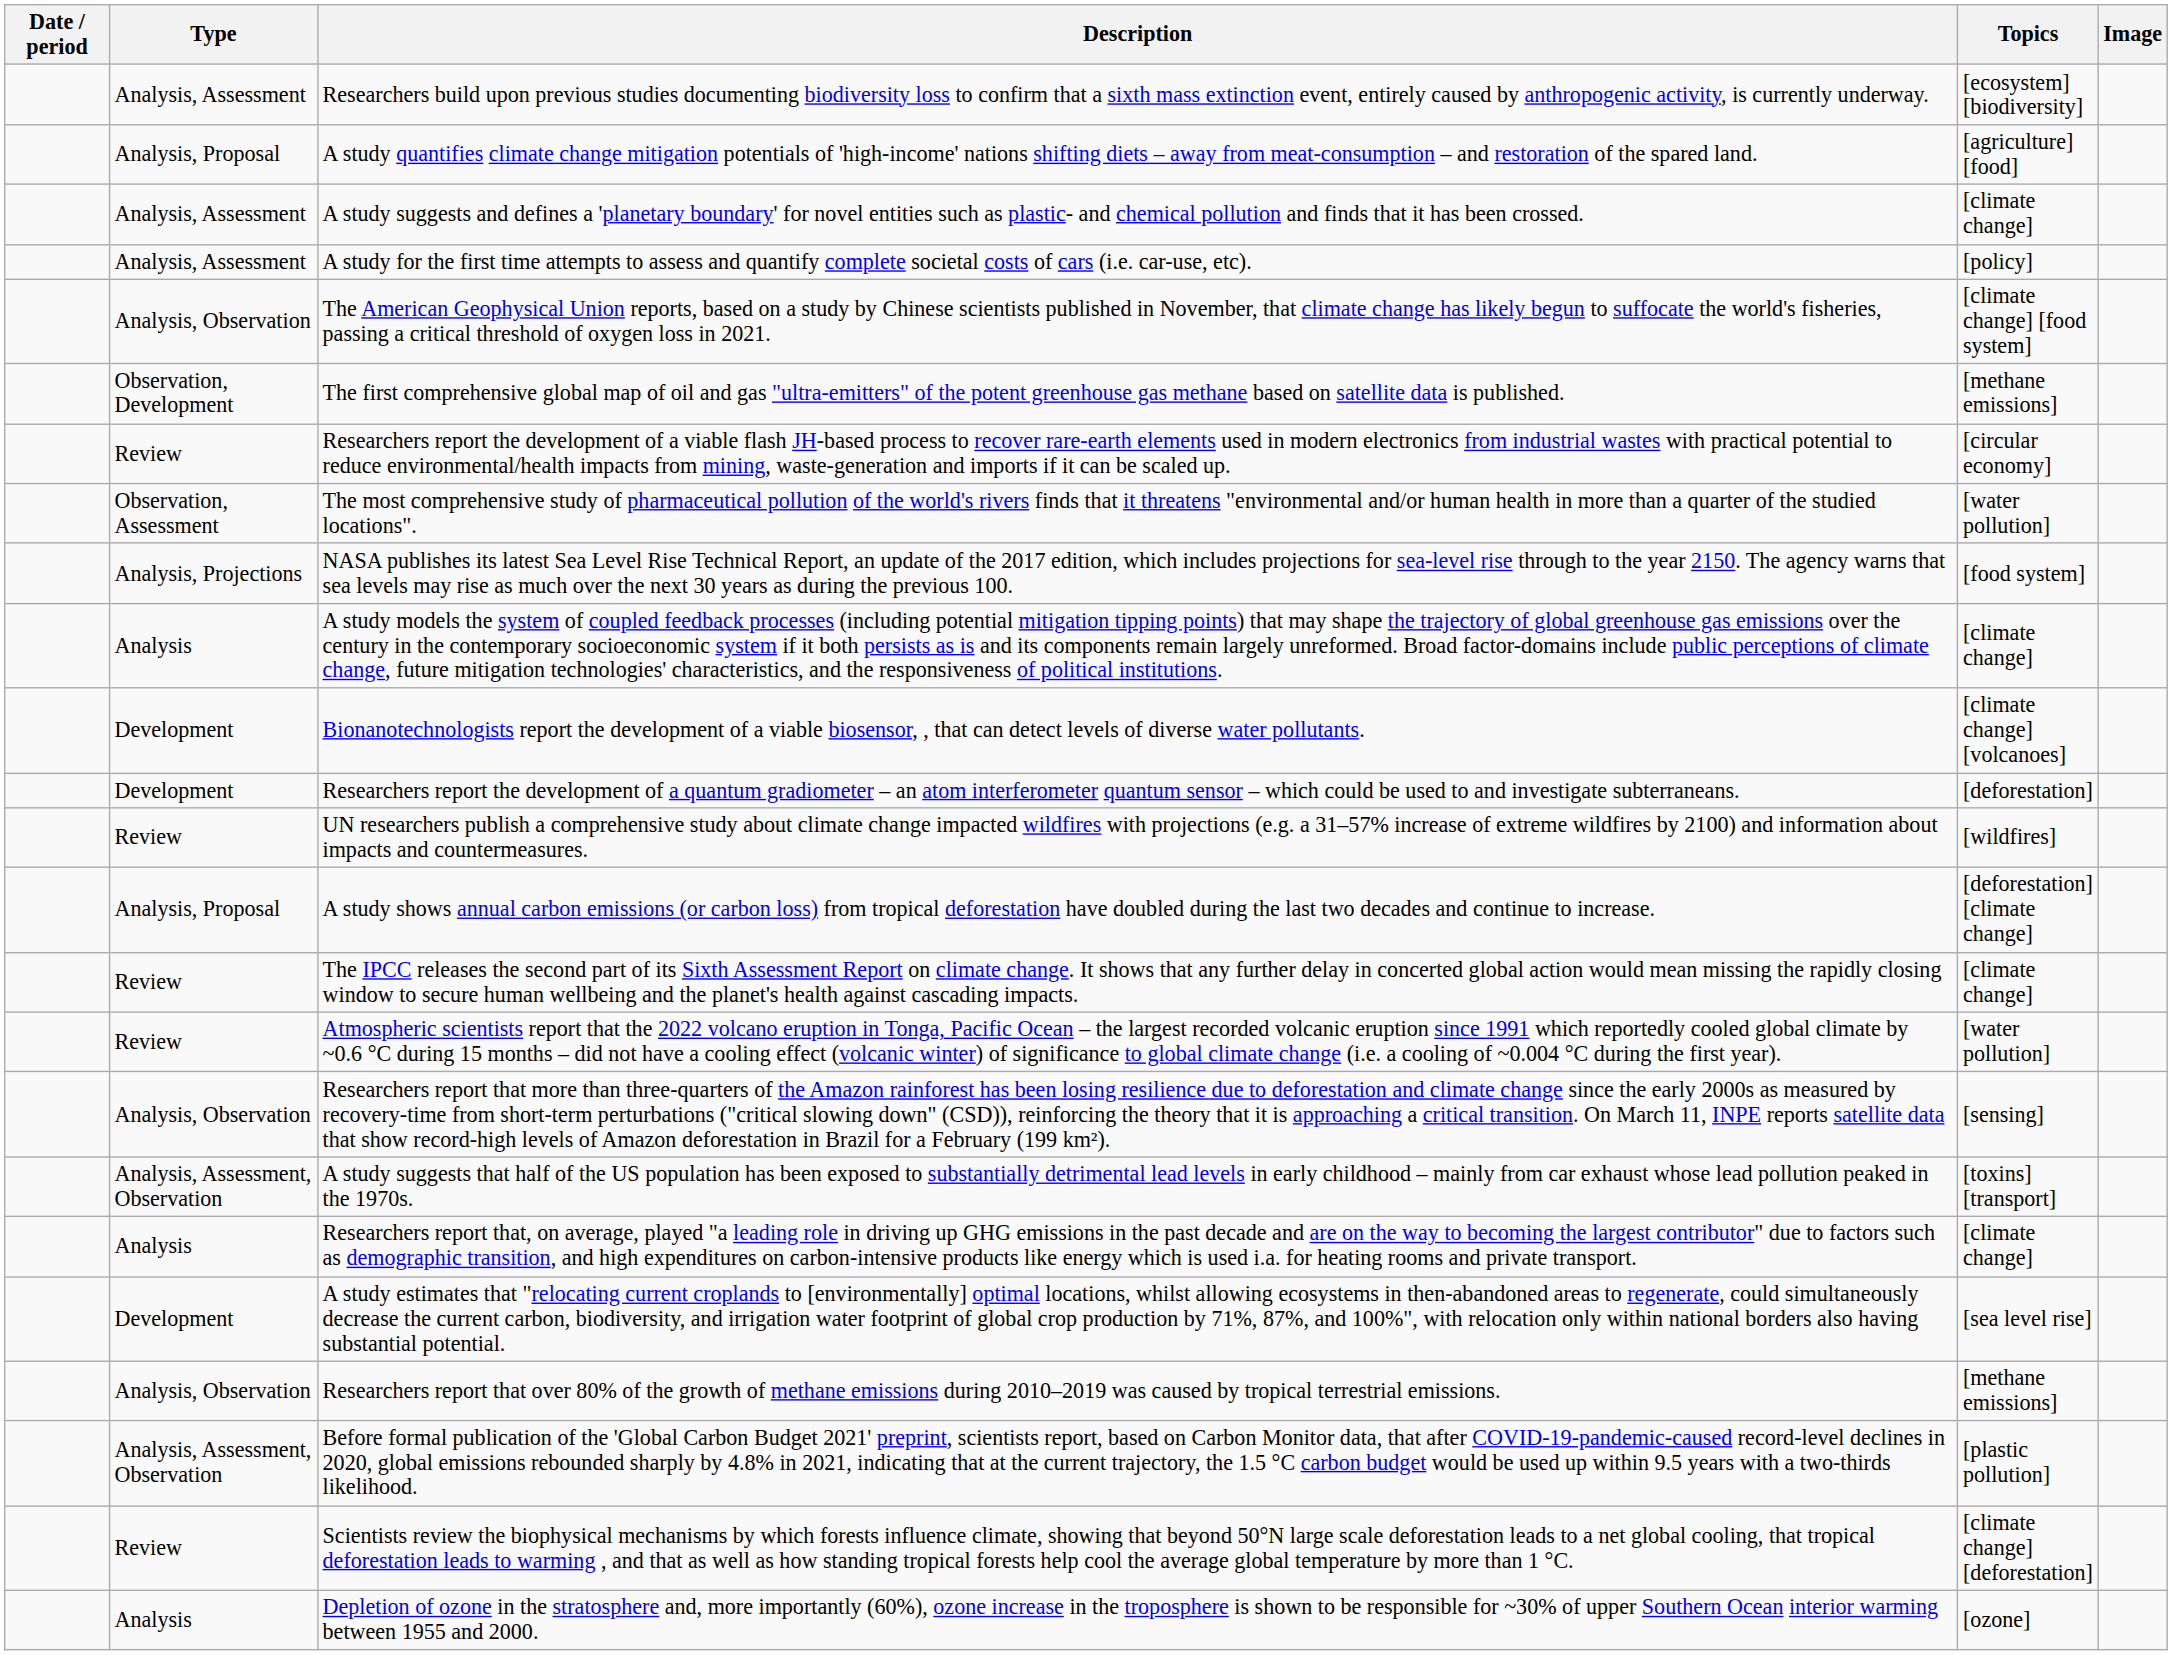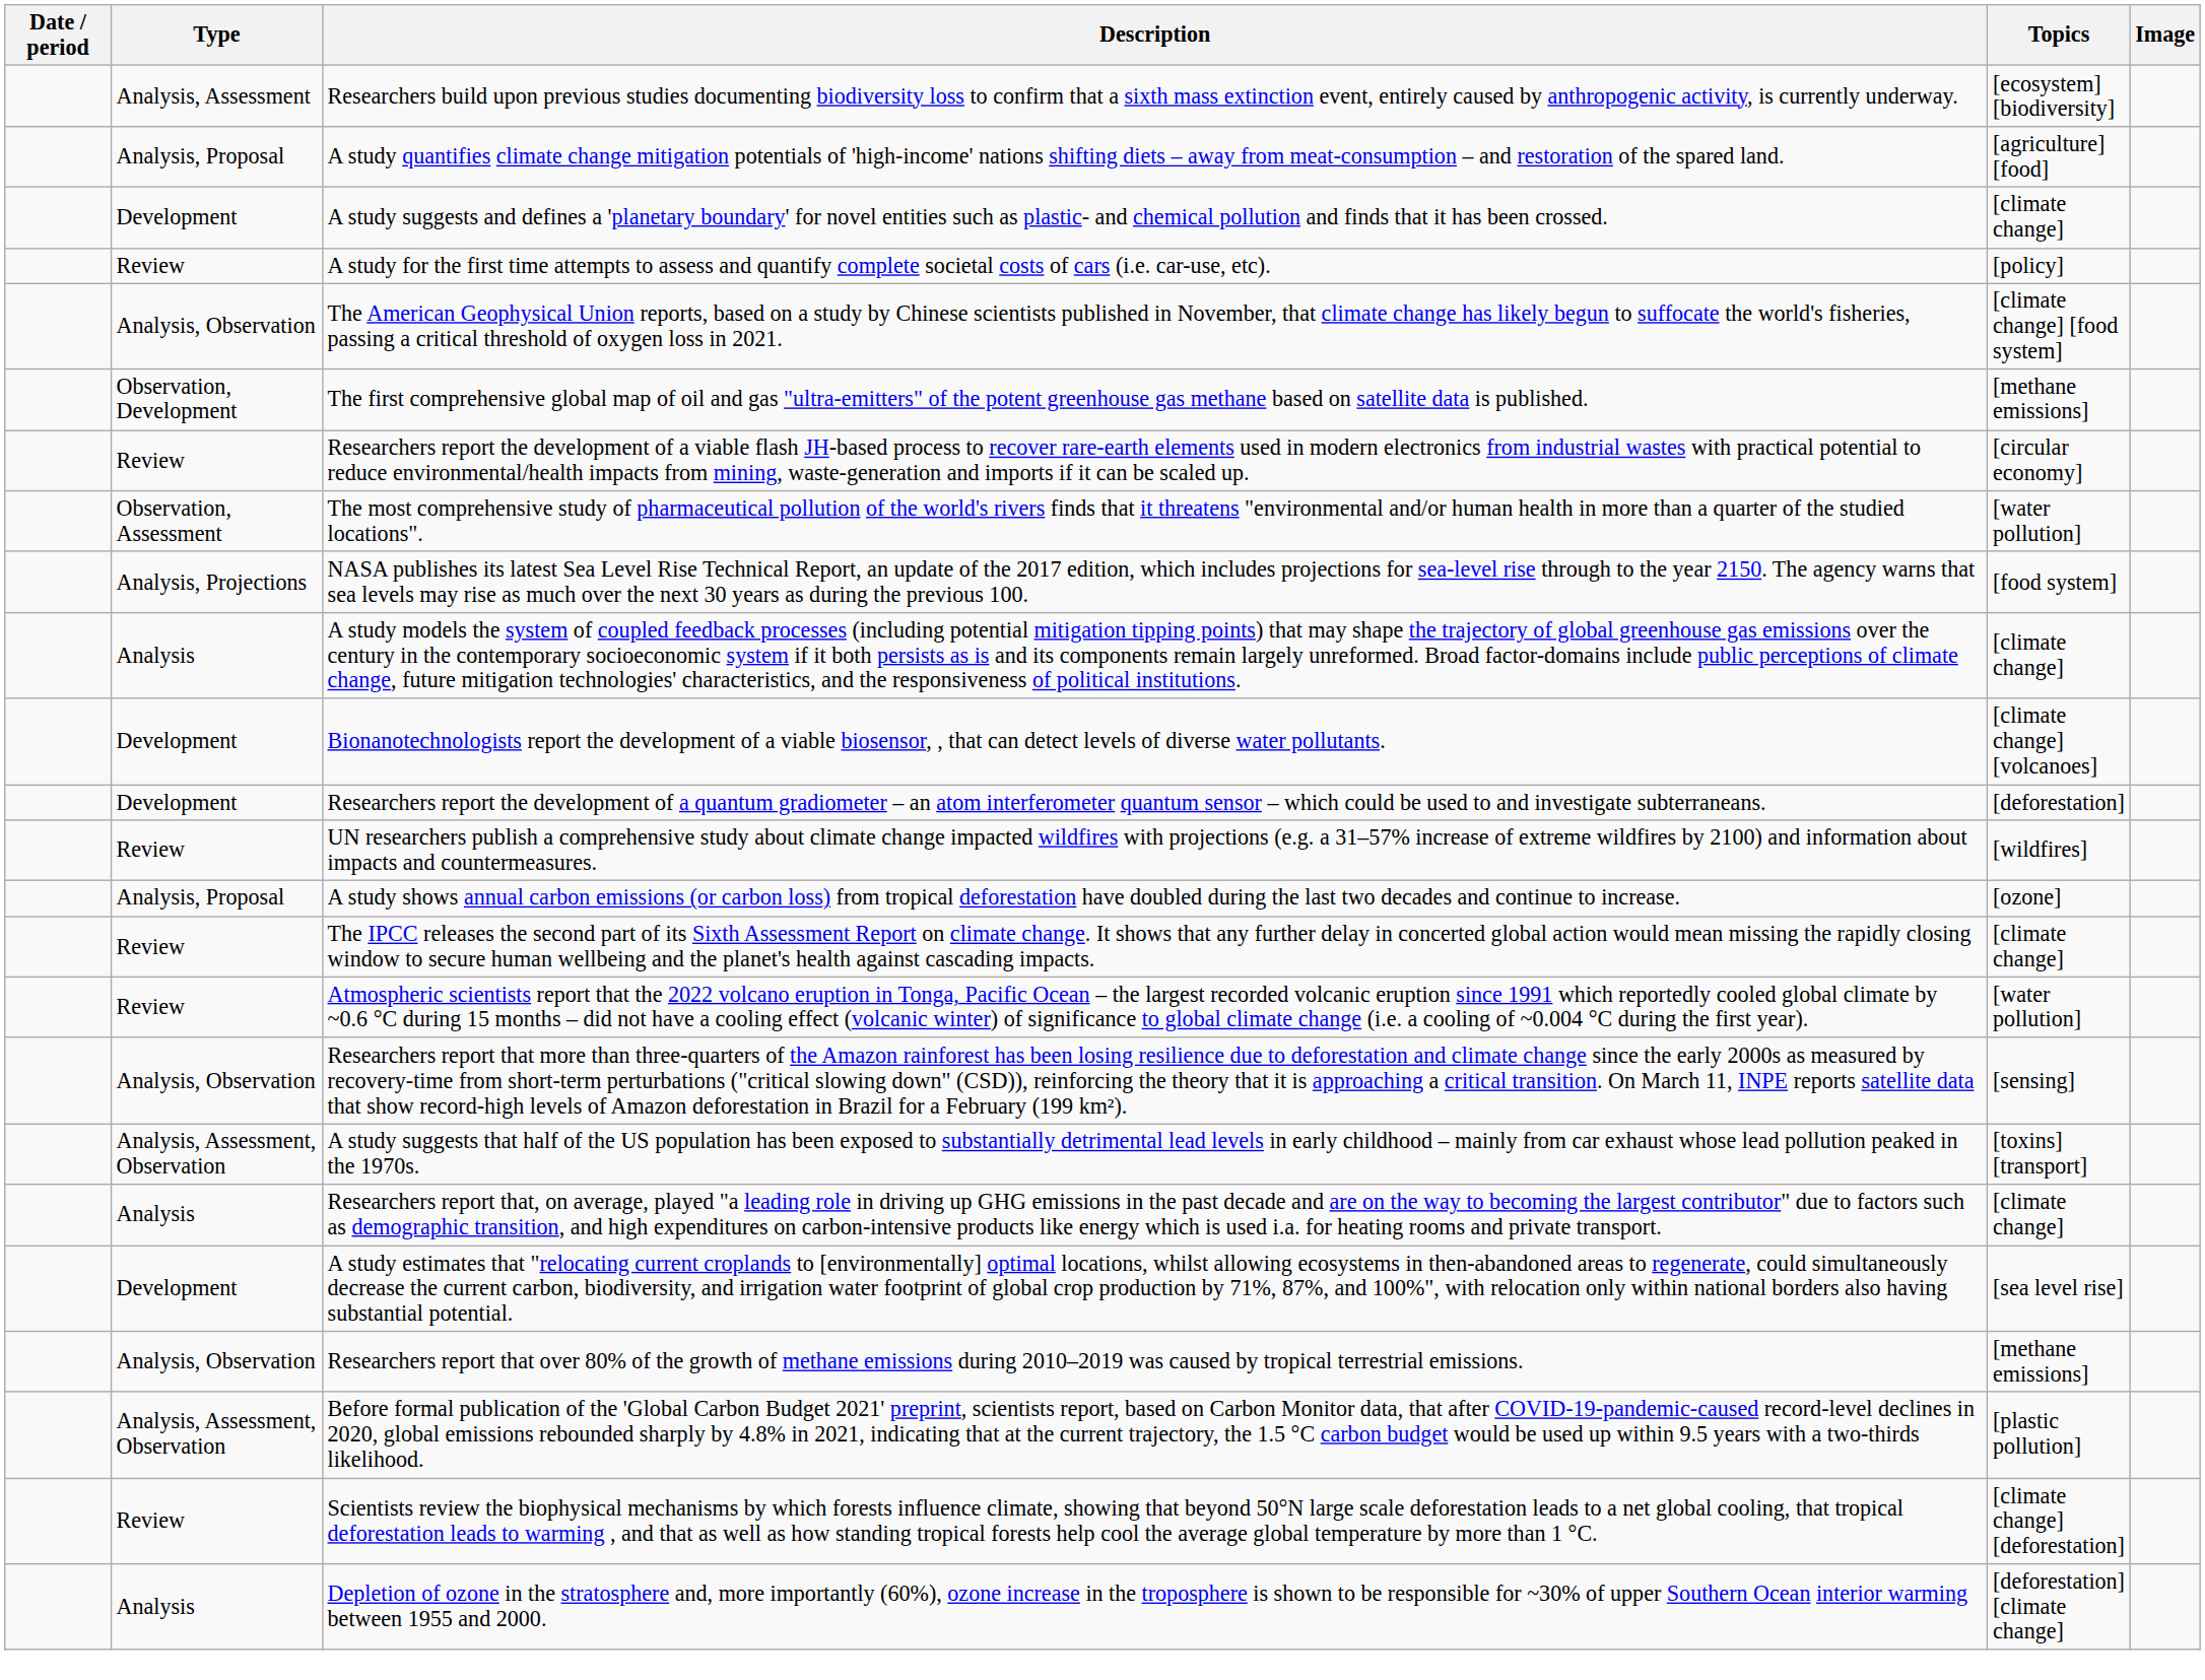 <table class="sortable wikitable collapsible">
 <tr>
 <th scope="col" width="20" style="width:5%;">Date / period</th>
 <th scope="col" width="30" style="width:10%;">Type</th>
 <th scope="col" width="30" style="width:80%;min-width:550px;" class="unsortable">Description</th>
 <th scope="col" width="3" style="width:2%;">Topics</th>
 <th scope="col" width="3" style="width:3%;">Image</th>
 </tr>
 <tr>
 <td></td>
 <td>Analysis, Assessment</td>
 <td>Researchers build upon previous studies documenting <a href='#'>biodiversity loss</a> to confirm that a <a href='#'>sixth mass extinction</a> event, entirely caused by <a href='#'>anthropogenic activity</a>, is currently underway.</td>
 <td>[ecosystem] [biodiversity]</td>
 <td></td>
 </tr>
 <tr>
 <td></td>
 <td>Analysis, Proposal</td>
 <td>A study <a href='#'>quantifies</a> <a href='#'>climate change mitigation</a> potentials of 'high-income' nations <a href='#'>shifting diets – away from meat-consumption</a> – and <a href='#'>restoration</a> of the spared land.</td>
 <td>[agriculture] [food]</td>
 <td></td>
 </tr>
 <tr>
 <td></td>
-<td>Analysis, Assessment</td>
+<td>Development</td>
 <td>A study suggests and defines a '<a href='#'>planetary boundary</a>' for novel entities such as <a href='#'>plastic</a>- and <a href='#'>chemical pollution</a> and finds that it has been crossed.</td>
 <td>[climate change]</td>
 <td></td>
 </tr>
 <tr>
 <td></td>
-<td>Analysis, Assessment</td>
+<td>Review</td>
 <td>A study for the first time attempts to assess and quantify <a href='#'>complete</a> societal <a href='#'>costs</a> of <a href='#'>cars</a> (i.e. car-use, etc).</td>
 <td>[policy]</td>
 <td></td>
 </tr>
 <tr>
 <td></td>
 <td>Analysis, Observation</td>
 <td>The <a href='#'>American Geophysical Union</a> reports, based on a study by Chinese scientists published in November, that <a href='#'>climate change has likely begun</a> to <a href='#'>suffocate</a> the world's fisheries, passing a critical threshold of oxygen loss in 2021.</td>
 <td>[climate change] [food system]</td>
 <td></td>
 </tr>
 <tr>
 <td></td>
 <td>Observation, Development</td>
 <td>The first comprehensive global map of oil and gas <a href='#'>"ultra-emitters" of the potent greenhouse gas methane</a> based on <a href='#'>satellite data</a> is published.</td>
 <td>[methane emissions]</td>
 <td></td>
 </tr>
 <tr>
 <td></td>
 <td>Review</td>
 <td>Researchers report the development of a viable flash <a href='#'>JH</a>-based process to <a href='#'>recover rare-earth elements</a> used in modern electronics <a href='#'>from industrial wastes</a> with practical potential to reduce environmental/health impacts from <a href='#'>mining</a>, waste-generation and imports if it can be scaled up.</td>
 <td>[circular economy]</td>
 <td></td>
 </tr>
 <tr>
 <td></td>
 <td>Observation, Assessment</td>
 <td>The most comprehensive study of <a href='#'>pharmaceutical pollution</a> <a href='#'>of the world's rivers</a> finds that <a href='#'>it threatens</a> "environmental and/or human health in more than a quarter of the studied locations".</td>
 <td>[water pollution]</td>
 <td></td>
 </tr>
 <tr>
 <td></td>
 <td>Analysis, Projections</td>
 <td>NASA publishes its latest Sea Level Rise Technical Report, an update of the 2017 edition, which includes projections for <a href='#'>sea-level rise</a> through to the year <a href='#'>2150</a>. The agency warns that sea levels may rise as much over the next 30 years as during the previous 100.</td>
 <td>[food system]</td>
 <td></td>
 </tr>
 <tr>
 <td></td>
 <td>Analysis</td>
 <td>A study models the <a href='#'>system</a> of <a href='#'>coupled feedback processes</a> (including potential <a href='#'>mitigation tipping points</a>) that may shape <a href='#'>the trajectory of global greenhouse gas emissions</a> over the century in the contemporary socioeconomic <a href='#'>system</a> if it both <a href='#'>persists as is</a> and its components remain largely unreformed. Broad factor-domains include <a href='#'>public perceptions of climate change</a>, future mitigation technologies' characteristics, and the responsiveness <a href='#'>of political institutions</a>.</td>
 <td>[climate change]</td>
 <td></td>
 </tr>
 <tr>
 <td></td>
 <td>Development</td>
 <td><a href='#'>Bionanotechnologists</a> report the development of a viable <a href='#'>biosensor</a>, , that can detect levels of diverse <a href='#'>water pollutants</a>.</td>
 <td>[climate change] [volcanoes]</td>
 <td></td>
 </tr>
 <tr>
 <td></td>
 <td>Development</td>
 <td>Researchers report the development of <a href='#'>a quantum gradiometer</a> – an <a href='#'>atom interferometer</a> <a href='#'>quantum sensor</a> – which could be used to  and investigate subterraneans.</td>
 <td>[deforestation]</td>
 <td></td>
 </tr>
 <tr>
 <td></td>
 <td>Review</td>
 <td>UN researchers publish a comprehensive study about climate change impacted <a href='#'>wildfires</a> with projections (e.g. a 31–57% increase of extreme wildfires by 2100) and information about impacts and countermeasures.</td>
 <td>[wildfires]</td>
 <td></td>
 </tr>
 <tr>
 <td></td>
 <td>Analysis, Proposal</td>
 <td>A study shows <a href='#'>annual carbon emissions (or carbon loss)</a> from tropical <a href='#'>deforestation</a> have doubled during the last two decades and continue to increase.</td>
-<td>[deforestation] [climate change]</td>
+<td>[ozone]</td>
 <td></td>
 </tr>
 <tr>
 <td></td>
 <td>Review</td>
 <td>The <a href='#'>IPCC</a> releases the second part of its <a href='#'>Sixth Assessment Report</a> on <a href='#'>climate change</a>. It shows that any further delay in concerted global action would mean missing the rapidly closing window to secure human wellbeing and the planet's health against cascading impacts.</td>
 <td>[climate change]</td>
 <td></td>
 </tr>
 <tr>
 <td></td>
 <td>Review</td>
 <td><a href='#'>Atmospheric scientists</a> report that the <a href='#'>2022 volcano eruption in Tonga, Pacific Ocean</a> – the largest recorded volcanic eruption <a href='#'>since 1991</a> which reportedly cooled global climate by ~0.6 °C during 15 months – did not have a cooling effect (<a href='#'>volcanic winter</a>) of significance <a href='#'>to global climate change</a> (i.e. a cooling of ~0.004 °C during the first year).</td>
 <td>[water pollution]</td>
 <td></td>
 </tr>
 <tr>
 <td></td>
 <td>Analysis, Observation</td>
 <td>Researchers report that more than three-quarters of <a href='#'>the Amazon rainforest has been losing resilience due to deforestation and climate change</a> since the early 2000s as measured by recovery-time from short-term perturbations ("critical slowing down" (CSD)), reinforcing the theory that it is <a href='#'>approaching</a> a <a href='#'>critical transition</a>. On March 11, <a href='#'>INPE</a> reports <a href='#'>satellite data</a> that show record-high levels of Amazon deforestation in Brazil for a February (199 km²).</td>
 <td>[sensing]</td>
 <td></td>
 </tr>
 <tr>
 <td></td>
 <td>Analysis, Assessment, Observation</td>
 <td>A study suggests that half of the US population has been exposed to <a href='#'>substantially detrimental lead levels</a> in early childhood – mainly from car exhaust whose lead pollution peaked in the 1970s.</td>
 <td>[toxins] [transport]</td>
 <td></td>
 </tr>
 <tr>
 <td></td>
 <td>Analysis</td>
 <td>Researchers report that, on average,  played "a <a href='#'>leading role</a> in driving up GHG emissions in the past decade and <a href='#'>are on the way to becoming the largest contributor</a>" due to factors such as <a href='#'>demographic transition</a>,  and high expenditures on carbon-intensive products like energy which is used i.a. for heating rooms and private transport.</td>
 <td>[climate change]</td>
 <td></td>
 </tr>
 <tr>
 <td></td>
 <td>Development</td>
 <td>A study estimates that "<a href='#'>relocating current croplands</a> to [environmentally] <a href='#'>optimal</a> locations, whilst allowing ecosystems in then-abandoned areas to <a href='#'>regenerate</a>, could simultaneously decrease the current carbon, biodiversity, and irrigation water footprint of global crop production by 71%, 87%, and 100%", with relocation only within national borders also having substantial potential.</td>
 <td>[sea level rise]</td>
 <td></td>
 </tr>
 <tr>
 <td></td>
 <td>Analysis, Observation</td>
 <td>Researchers report that over 80% of the growth of <a href='#'>methane emissions</a> during 2010–2019 was caused by tropical terrestrial emissions.</td>
 <td>[methane emissions]</td>
 <td></td>
 </tr>
 <tr>
 <td></td>
 <td>Analysis, Assessment, Observation</td>
 <td>Before formal publication of the 'Global Carbon Budget 2021' <a href='#'>preprint</a>, scientists report, based on Carbon Monitor data, that after <a href='#'>COVID-19-pandemic-caused</a> record-level declines in 2020, global  emissions rebounded sharply by 4.8% in 2021, indicating that at the current trajectory, the 1.5 °C <a href='#'>carbon budget</a> would be used up within 9.5 years with a two-thirds likelihood.</td>
 <td>[plastic pollution]</td>
 <td></td>
 </tr>
 <tr>
 <td></td>
 <td>Review</td>
 <td>Scientists review the biophysical mechanisms by which forests influence climate, showing that beyond 50°N large scale deforestation leads to a net global cooling, that tropical <a href='#'>deforestation leads to  warming</a> , and that as well as how standing tropical forests help cool the average global temperature by more than 1 °C.</td>
 <td>[climate change] [deforestation]</td>
 <td></td>
 </tr>
 <tr>
 <td></td>
 <td>Analysis</td>
 <td><a href='#'>Depletion of ozone</a> in the <a href='#'>stratosphere</a> and, more importantly (60%), <a href='#'>ozone increase</a> in the <a href='#'>troposphere</a> is shown to be responsible for ~30% of upper <a href='#'>Southern Ocean</a> <a href='#'>interior warming</a> between 1955 and 2000.</td>
-<td>[ozone]</td>
+<td>[deforestation] [climate change]</td>
 <td></td>
 </tr>
 </table>
